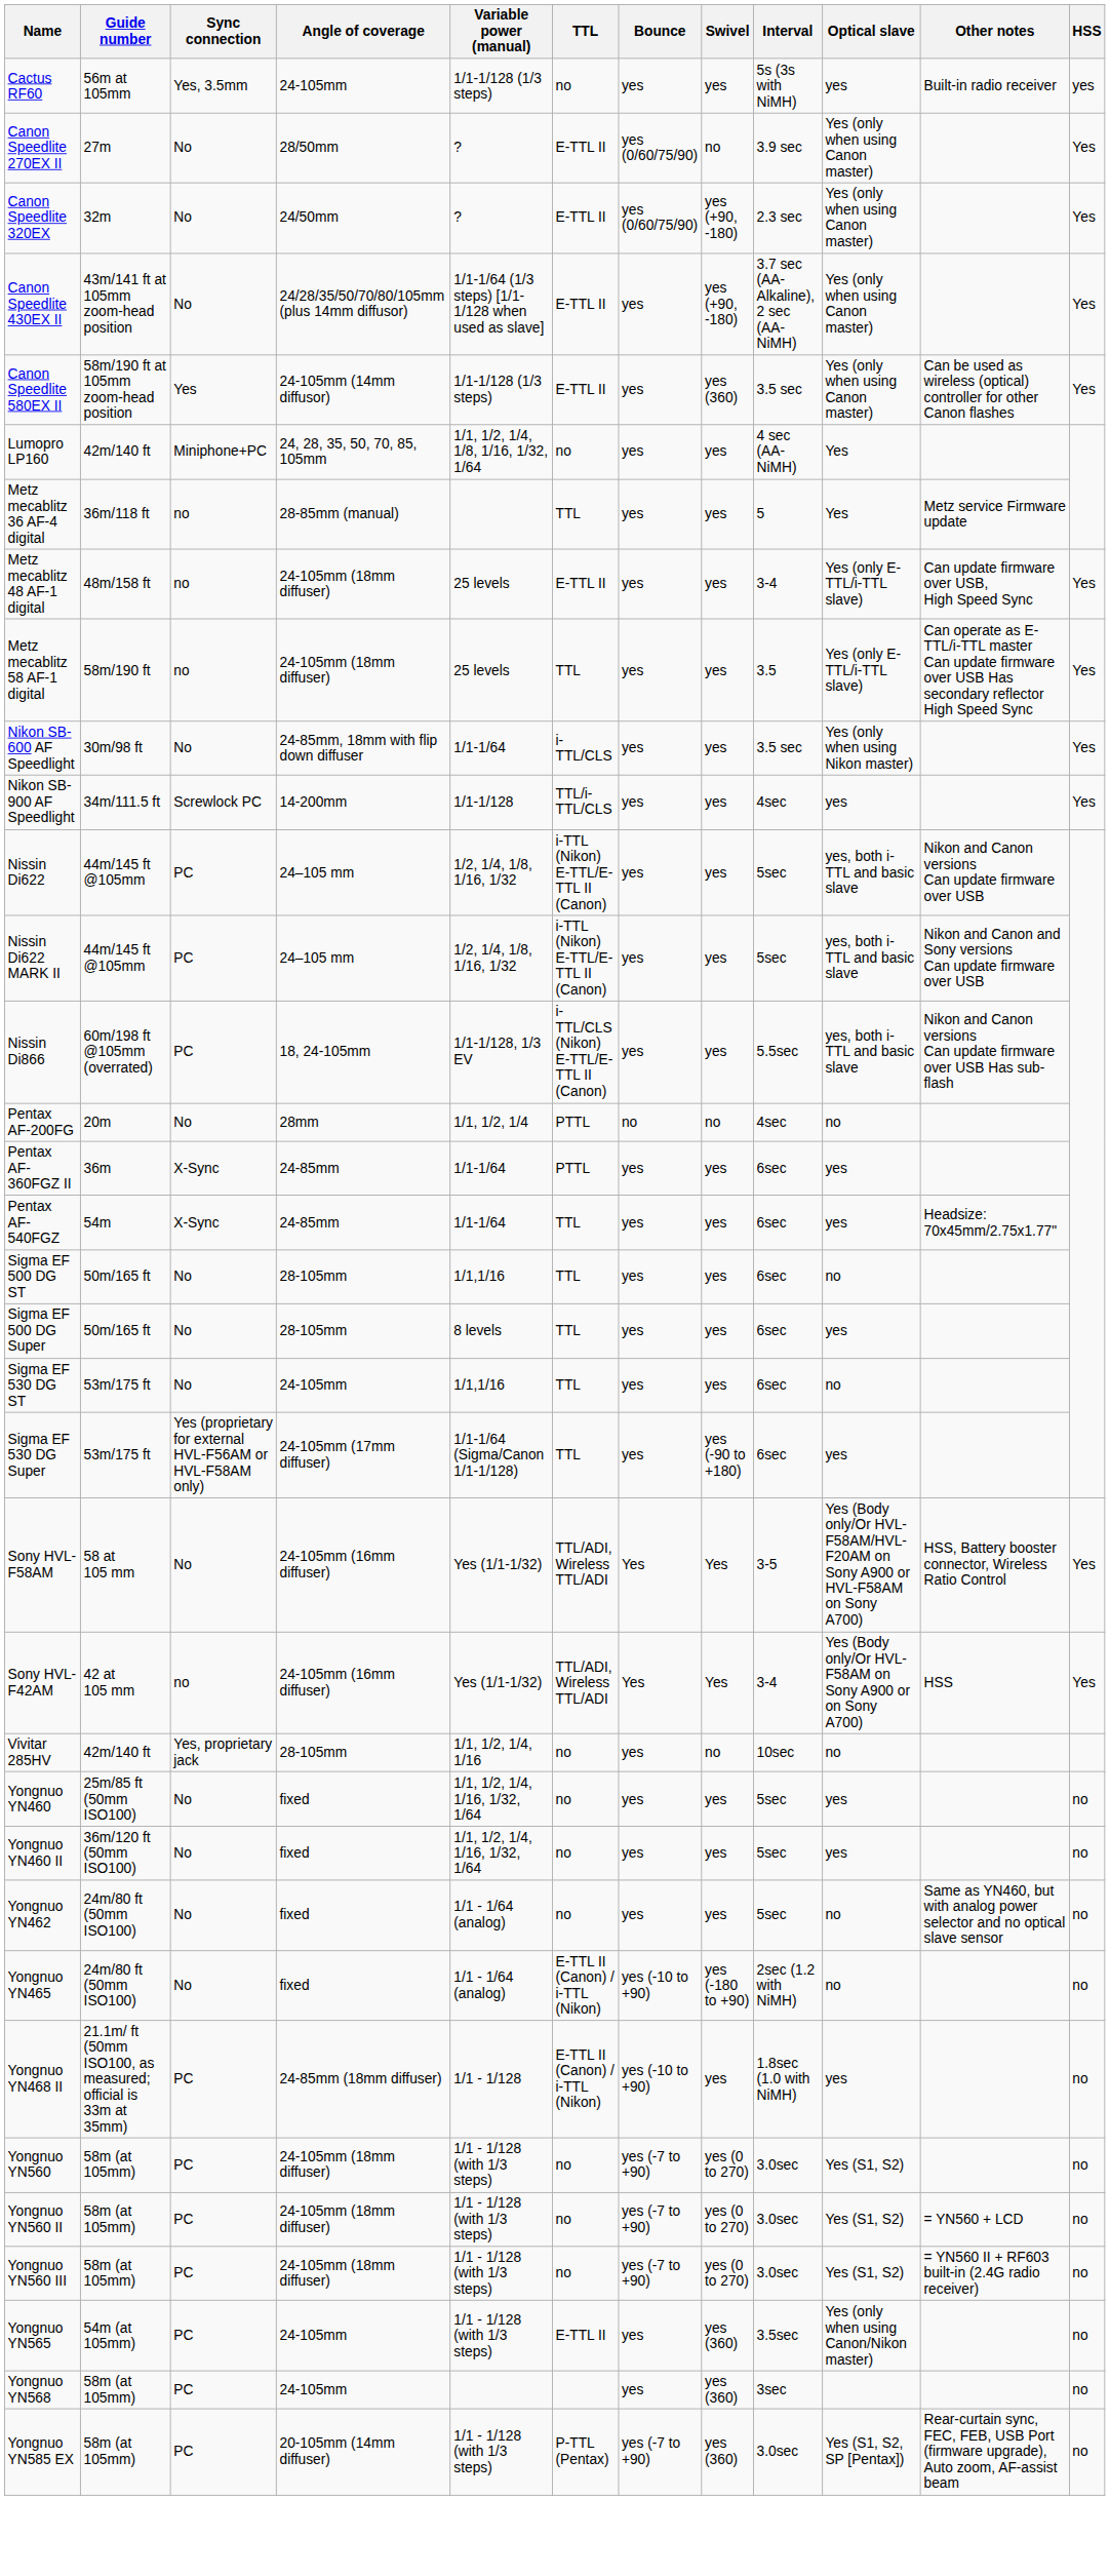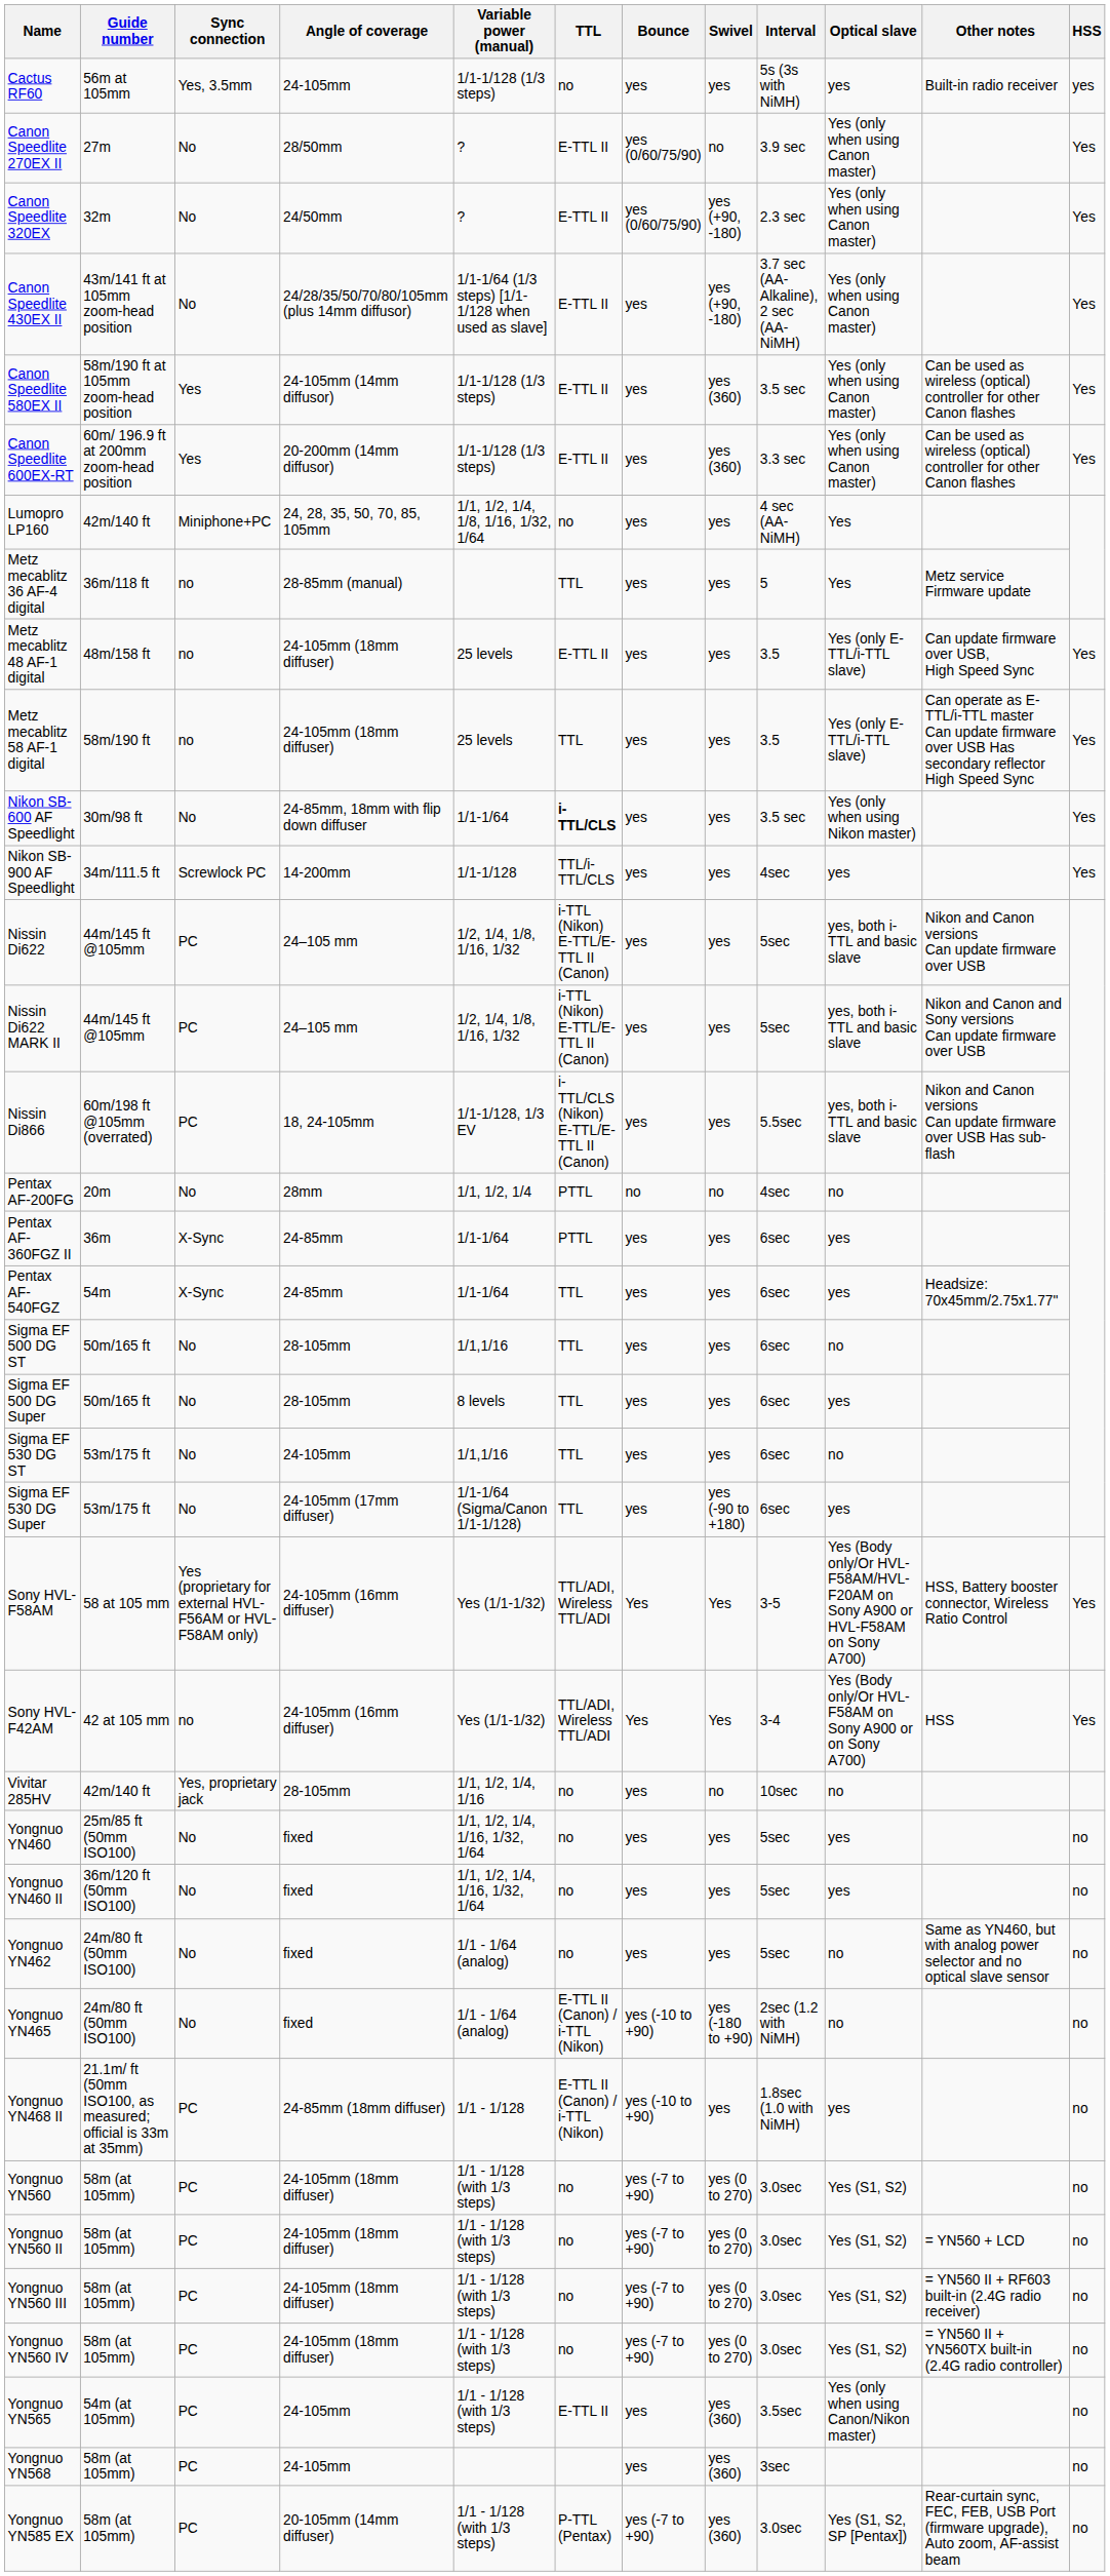 <table class="wikitable" border="1">
 <tr>
 <th>Name</th>
 <th><a href='#'>Guide number</a></th>
 <th>Sync connection</th>
 <th>Angle of coverage</th>
 <th>Variable power (manual)</th>
 <th>TTL</th>
 <th>Bounce</th>
 <th>Swivel</th>
 <th>Interval</th>
 <th>Optical slave</th>
 <th>Other notes</th>
 <th>HSS</th>
 </tr>
 <tr>
 <td><a href='#'>Cactus RF60</a></td>
 <td>56m at 105mm</td>
 <td>Yes, 3.5mm</td>
 <td>24-105mm</td>
 <td>1/1-1/128 (1/3 steps)</td>
 <td>no</td>
 <td>yes</td>
 <td>yes</td>
 <td>5s (3s with NiMH)</td>
 <td>yes</td>
 <td>Built-in radio receiver</td>
 <td>yes </td>
 </tr>
 <tr>
 <td><a href='#'>Canon Speedlite 270EX II</a></td>
 <td>27m</td>
 <td>No</td>
 <td>28/50mm</td>
 <td>?</td>
 <td>E-TTL II</td>
 <td>yes (0/60/75/90)</td>
 <td>no</td>
 <td>3.9 sec</td>
 <td>Yes (only when using Canon master)</td>
 <td></td>
 <td>Yes</td>
 </tr>
 <tr>
 <td><a href='#'>Canon Speedlite 320EX</a></td>
 <td>32m</td>
 <td>No</td>
 <td>24/50mm</td>
 <td>?</td>
 <td>E-TTL II</td>
 <td>yes (0/60/75/90)</td>
 <td>yes (+90, -180)</td>
 <td>2.3 sec</td>
 <td>Yes (only when using Canon master)</td>
 <td></td>
 <td>Yes</td>
 </tr>
 <tr>
 <td><a href='#'>Canon Speedlite 430EX II</a></td>
 <td>43m/141 ft at 105mm zoom-head position</td>
 <td>No</td>
 <td>24/28/35/50/70/80/105mm (plus 14mm diffusor)</td>
 <td>1/1-1/64 (1/3 steps) [1/1-1/128 when used as slave]</td>
 <td>E-TTL II</td>
 <td>yes</td>
 <td>yes (+90, -180)</td>
 <td>3.7 sec (AA-Alkaline), 2 sec (AA-NiMH)</td>
 <td>Yes (only when using Canon master)</td>
 <td></td>
 <td>Yes</td>
 </tr>
 <tr>
 <td><a href='#'>Canon Speedlite 580EX II</a></td>
 <td>58m/190 ft at 105mm zoom-head position</td>
 <td>Yes</td>
 <td>24-105mm (14mm diffusor)</td>
 <td>1/1-1/128 (1/3 steps)</td>
 <td>E-TTL II</td>
 <td>yes</td>
 <td>yes (360)</td>
 <td>3.5 sec</td>
 <td>Yes (only when using Canon master)</td>
 <td>Can be used as wireless (optical) controller for other Canon flashes</td>
 <td>Yes</td>
 </tr>
 <tr>
+<td><a href='#'>Canon Speedlite 600EX-RT</a></td>
+<td>60m/ 196.9 ft at 200mm zoom-head position</td>
+<td>Yes</td>
+<td>20-200mm (14mm diffusor)</td>
+<td>1/1-1/128 (1/3 steps)</td>
+<td>E-TTL II</td>
+<td>yes</td>
+<td>yes (360)</td>
+<td>3.3 sec</td>
+<td>Yes (only when using Canon master)</td>
+<td>Can be used as wireless (optical) controller for other Canon flashes</td>
+<td>Yes</td>
+</tr>
+<tr>
 <td>Lumopro LP160</td>
 <td>42m/140 ft</td>
 <td>Miniphone+PC</td>
 <td>24, 28, 35, 50, 70, 85, 105mm</td>
 <td>1/1, 1/2, 1/4, 1/8, 1/16, 1/32, 1/64</td>
 <td>no</td>
 <td>yes</td>
 <td>yes</td>
 <td>4 sec (AA-NiMH)</td>
 <td>Yes</td>
 <td></td>
 </tr>
 <tr>
 <td>Metz mecablitz 36 AF-4 digital</td>
 <td>36m/118 ft</td>
 <td>no</td>
 <td>28-85mm (manual)</td>
 <td></td>
 <td>TTL</td>
 <td>yes</td>
 <td>yes</td>
 <td>5</td>
 <td>Yes</td>
 <td>Metz service Firmware update</td>
 </tr>
 <tr>
 <td>Metz mecablitz 48 AF-1 digital</td>
 <td>48m/158 ft</td>
 <td>no</td>
 <td>24-105mm (18mm diffuser)</td>
 <td>25 levels</td>
 <td>E-TTL II</td>
 <td>yes</td>
 <td>yes</td>
-<td>3-4</td>
+<td>3.5</td>
 <td>Yes (only E-TTL/i-TTL slave)</td>
 <td>Can update firmware over USB,<br>High Speed Sync</td>
 <td>Yes</td>
 </tr>
 <tr>
 <td>Metz mecablitz 58 AF-1 digital</td>
 <td>58m/190 ft</td>
 <td>no</td>
 <td>24-105mm (18mm diffuser)</td>
 <td>25 levels</td>
 <td>TTL</td>
 <td>yes</td>
 <td>yes</td>
 <td>3.5</td>
 <td>Yes (only E-TTL/i-TTL slave)</td>
 <td>Can operate as E-TTL/i-TTL master<br>Can update firmware over USB Has secondary reflector High Speed Sync</td>
 <td>Yes</td>
 </tr>
 <tr>
 <td><a href='#'>Nikon SB-600</a> AF Speedlight</td>
 <td>30m/98 ft</td>
 <td>No</td>
 <td>24-85mm, 18mm with flip down diffuser</td>
 <td>1/1-1/64</td>
-<td>i-TTL/CLS</td>
+<td><strong>i-TTL/CLS</strong></td>
 <td>yes</td>
 <td>yes</td>
 <td>3.5 sec</td>
 <td>Yes (only when using Nikon master)</td>
 <td></td>
 <td>Yes</td>
 </tr>
 <tr>
 <td>Nikon SB-900 AF Speedlight</td>
 <td>34m/111.5 ft</td>
 <td>Screwlock PC</td>
 <td>14-200mm</td>
 <td>1/1-1/128</td>
 <td>TTL/i-TTL/CLS</td>
 <td>yes</td>
 <td>yes</td>
 <td>4sec</td>
 <td>yes</td>
 <td></td>
 <td>Yes</td>
 </tr>
 <tr>
 <td>Nissin Di622</td>
 <td>44m/145 ft @105mm</td>
 <td>PC</td>
 <td>24–105 mm</td>
 <td>1/2, 1/4, 1/8, 1/16, 1/32</td>
 <td>i-TTL (Nikon)<br>E-TTL/E-TTL II (Canon)</td>
 <td>yes</td>
 <td>yes</td>
 <td>5sec</td>
 <td>yes, both i-TTL and basic slave</td>
 <td>Nikon and Canon versions<br>Can update firmware over USB</td>
 </tr>
 <tr>
 <td>Nissin Di622 MARK II </td>
 <td>44m/145 ft @105mm</td>
 <td>PC</td>
 <td>24–105 mm</td>
 <td>1/2, 1/4, 1/8, 1/16, 1/32</td>
 <td>i-TTL (Nikon)<br>E-TTL/E-TTL II (Canon)</td>
 <td>yes</td>
 <td>yes</td>
 <td>5sec</td>
 <td>yes, both i-TTL and basic slave</td>
 <td>Nikon and Canon and Sony versions<br>Can update firmware over USB</td>
 </tr>
 <tr>
 <td>Nissin Di866</td>
 <td>60m/198 ft @105mm (overrated)</td>
 <td>PC</td>
 <td>18, 24-105mm</td>
 <td>1/1-1/128, 1/3 EV</td>
 <td>i-TTL/CLS (Nikon)<br>E-TTL/E-TTL II (Canon)</td>
 <td>yes</td>
 <td>yes</td>
 <td>5.5sec</td>
 <td>yes, both i-TTL and basic slave</td>
 <td>Nikon and Canon versions<br>Can update firmware over USB Has sub-flash</td>
 </tr>
 <tr>
 <td>Pentax AF-200FG</td>
 <td>20m</td>
 <td>No</td>
 <td>28mm</td>
 <td>1/1, 1/2, 1/4</td>
 <td>PTTL</td>
 <td>no</td>
 <td>no</td>
 <td>4sec</td>
 <td>no</td>
 <td></td>
 </tr>
 <tr>
 <td>Pentax AF-360FGZ II</td>
 <td>36m</td>
 <td>X-Sync</td>
 <td>24-85mm</td>
 <td>1/1-1/64</td>
 <td>PTTL</td>
 <td>yes</td>
 <td>yes</td>
 <td>6sec</td>
 <td>yes</td>
 <td></td>
 </tr>
 <tr>
 <td>Pentax AF-540FGZ</td>
 <td>54m</td>
 <td>X-Sync</td>
 <td>24-85mm</td>
 <td>1/1-1/64</td>
 <td>TTL</td>
 <td>yes</td>
 <td>yes</td>
 <td>6sec</td>
 <td>yes</td>
 <td>Headsize: 70x45mm/2.75x1.77"</td>
 </tr>
 <tr>
 <td>Sigma EF 500 DG ST</td>
 <td>50m/165 ft</td>
 <td>No</td>
 <td>28-105mm</td>
 <td>1/1,1/16</td>
 <td>TTL</td>
 <td>yes</td>
 <td>yes</td>
 <td>6sec</td>
 <td>no</td>
 <td></td>
 </tr>
 <tr>
 <td>Sigma EF 500 DG Super</td>
 <td>50m/165 ft</td>
 <td>No</td>
 <td>28-105mm</td>
 <td>8 levels</td>
 <td>TTL</td>
 <td>yes</td>
 <td>yes</td>
 <td>6sec</td>
 <td>yes</td>
 <td></td>
 </tr>
 <tr>
 <td>Sigma EF 530 DG ST</td>
 <td>53m/175 ft</td>
 <td>No</td>
 <td>24-105mm</td>
 <td>1/1,1/16</td>
 <td>TTL</td>
 <td>yes</td>
 <td>yes</td>
 <td>6sec</td>
 <td>no</td>
 <td></td>
 </tr>
 <tr>
 <td>Sigma EF 530 DG Super</td>
 <td>53m/175 ft</td>
-<td>Yes (proprietary for external HVL-F56AM or HVL-F58AM only)</td>
+<td>No</td>
 <td>24-105mm (17mm diffuser)</td>
 <td>1/1-1/64 (Sigma/Canon 1/1-1/128)</td>
 <td>TTL</td>
 <td>yes</td>
 <td>yes (-90 to +180)</td>
 <td>6sec</td>
 <td>yes</td>
 <td></td>
 </tr>
 <tr>
 <td>Sony HVL-F58AM</td>
 <td>58 at 105 mm</td>
-<td>No</td>
+<td>Yes (proprietary for external HVL-F56AM or HVL-F58AM only)</td>
 <td>24-105mm (16mm diffuser)</td>
 <td>Yes (1/1-1/32)</td>
 <td>TTL/ADI, Wireless TTL/ADI</td>
 <td>Yes</td>
 <td>Yes</td>
 <td>3-5</td>
 <td>Yes (Body only/Or HVL-F58AM/HVL-F20AM on Sony A900 or HVL-F58AM on Sony A700)</td>
 <td>HSS, Battery booster connector, Wireless Ratio Control</td>
 <td>Yes</td>
 </tr>
 <tr>
 <td>Sony HVL-F42AM</td>
 <td>42 at 105 mm</td>
 <td>no</td>
 <td>24-105mm (16mm diffuser)</td>
 <td>Yes (1/1-1/32)</td>
 <td>TTL/ADI, Wireless TTL/ADI</td>
 <td>Yes</td>
 <td>Yes</td>
 <td>3-4</td>
 <td>Yes (Body only/Or HVL-F58AM on Sony A900 or on Sony A700)</td>
 <td>HSS</td>
 <td>Yes</td>
 </tr>
 <tr>
 <td>Vivitar 285HV</td>
 <td>42m/140 ft</td>
 <td>Yes, proprietary jack</td>
 <td>28-105mm</td>
 <td>1/1, 1/2, 1/4, 1/16</td>
 <td>no</td>
 <td>yes</td>
 <td>no</td>
 <td>10sec</td>
 <td>no</td>
 <td></td>
 </tr>
 <tr>
 <td>Yongnuo YN460</td>
 <td>25m/85 ft (50mm ISO100)</td>
 <td>No</td>
 <td>fixed</td>
 <td>1/1, 1/2, 1/4, 1/16, 1/32, 1/64</td>
 <td>no</td>
 <td>yes</td>
 <td>yes</td>
 <td>5sec</td>
 <td>yes</td>
 <td></td>
 <td>no</td>
 </tr>
 <tr>
 <td>Yongnuo YN460 II</td>
 <td>36m/120 ft (50mm ISO100)</td>
 <td>No</td>
 <td>fixed</td>
 <td>1/1, 1/2, 1/4, 1/16, 1/32, 1/64</td>
 <td>no</td>
 <td>yes</td>
 <td>yes</td>
 <td>5sec</td>
 <td>yes</td>
 <td></td>
 <td>no</td>
 </tr>
 <tr>
 <td>Yongnuo YN462</td>
 <td>24m/80 ft (50mm ISO100)</td>
 <td>No</td>
 <td>fixed</td>
 <td>1/1 - 1/64 (analog)</td>
 <td>no</td>
 <td>yes</td>
 <td>yes</td>
 <td>5sec</td>
 <td>no</td>
 <td>Same as YN460, but with analog power selector and no optical slave sensor</td>
 <td>no</td>
 </tr>
 <tr>
 <td>Yongnuo YN465</td>
 <td>24m/80 ft (50mm ISO100)</td>
 <td>No</td>
 <td>fixed</td>
 <td>1/1 - 1/64 (analog)</td>
 <td>E-TTL II (Canon) / i-TTL (Nikon)</td>
 <td>yes (-10 to +90)</td>
 <td>yes (-180 to +90)</td>
 <td>2sec (1.2 with NiMH)</td>
 <td>no</td>
 <td></td>
 <td>no</td>
 </tr>
 <tr>
 <td>Yongnuo YN468 II</td>
 <td>21.1m/ ft (50mm ISO100, as measured; official is 33m at 35mm)</td>
 <td>PC</td>
 <td>24-85mm (18mm diffuser)</td>
 <td>1/1 - 1/128</td>
 <td>E-TTL II (Canon) / i-TTL (Nikon)</td>
 <td>yes (-10 to +90)</td>
 <td>yes</td>
 <td>1.8sec (1.0 with NiMH)</td>
 <td>yes</td>
 <td></td>
 <td>no</td>
 </tr>
 <tr>
 <td>Yongnuo YN560 </td>
 <td>58m (at 105mm)</td>
 <td>PC</td>
 <td>24-105mm (18mm diffuser)</td>
 <td>1/1 - 1/128 (with 1/3 steps)</td>
 <td>no</td>
 <td>yes (-7 to +90)</td>
 <td>yes (0 to 270)</td>
 <td>3.0sec</td>
 <td>Yes (S1, S2)</td>
 <td></td>
 <td>no</td>
 </tr>
 <tr>
 <td>Yongnuo YN560 II </td>
 <td>58m (at 105mm)</td>
 <td>PC</td>
 <td>24-105mm (18mm diffuser)</td>
 <td>1/1 - 1/128 (with 1/3 steps)</td>
 <td>no</td>
 <td>yes (-7 to +90)</td>
 <td>yes (0 to 270)</td>
 <td>3.0sec</td>
 <td>Yes (S1, S2)</td>
 <td>= YN560 + LCD </td>
 <td>no</td>
 </tr>
 <tr>
 <td>Yongnuo YN560 III </td>
 <td>58m (at 105mm)</td>
 <td>PC</td>
 <td>24-105mm (18mm diffuser)</td>
 <td>1/1 - 1/128 (with 1/3 steps)</td>
 <td>no</td>
 <td>yes (-7 to +90)</td>
 <td>yes (0 to 270)</td>
 <td>3.0sec</td>
 <td>Yes (S1, S2)</td>
 <td>= YN560 II + RF603 built-in (2.4G radio receiver) </td>
 <td>no</td>
 </tr>
 <tr>
+<td>Yongnuo YN560 IV </td>
+<td>58m (at 105mm)</td>
+<td>PC</td>
+<td>24-105mm (18mm diffuser)</td>
+<td>1/1 - 1/128 (with 1/3 steps)</td>
+<td>no</td>
+<td>yes (-7 to +90)</td>
+<td>yes (0 to 270)</td>
+<td>3.0sec</td>
+<td>Yes (S1, S2)</td>
+<td>= YN560 II + YN560TX built-in (2.4G radio controller) </td>
+<td>no</td>
+</tr>
+<tr>
 <td>Yongnuo YN565 </td>
 <td>54m (at 105mm)</td>
 <td>PC</td>
 <td>24-105mm</td>
 <td>1/1 - 1/128 (with 1/3 steps)</td>
 <td>E-TTL II</td>
 <td>yes</td>
 <td>yes (360)</td>
 <td>3.5sec</td>
 <td>Yes (only when using Canon/Nikon master)</td>
 <td></td>
 <td>no</td>
 </tr>
 <tr>
 <td>Yongnuo YN568</td>
 <td>58m (at 105mm)</td>
 <td>PC</td>
 <td>24-105mm</td>
 <td></td>
 <td></td>
 <td>yes</td>
 <td>yes (360)</td>
 <td>3sec</td>
 <td></td>
 <td></td>
 <td>no</td>
 </tr>
 <tr>
 <td>Yongnuo YN585 EX </td>
 <td>58m (at 105mm)</td>
 <td>PC</td>
 <td>20-105mm (14mm diffuser)</td>
 <td>1/1 - 1/128 (with 1/3 steps)</td>
 <td>P-TTL (Pentax)</td>
 <td>yes (-7 to +90)</td>
 <td>yes (360)</td>
 <td>3.0sec</td>
 <td>Yes (S1, S2, SP [Pentax])</td>
 <td>Rear-curtain sync, FEC, FEB, USB Port (firmware upgrade), Auto zoom, AF-assist beam</td>
 <td>no</td>
 </tr>
 </table>
